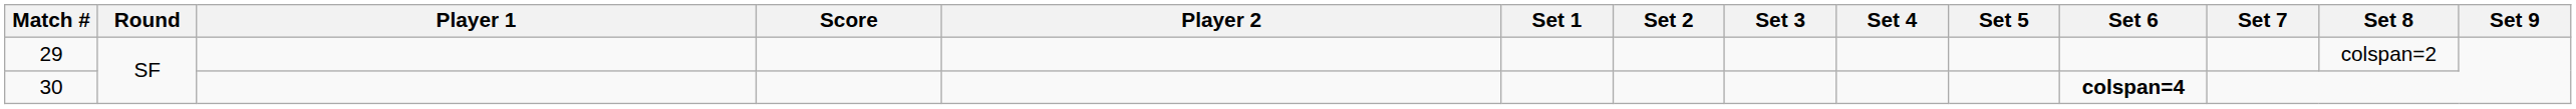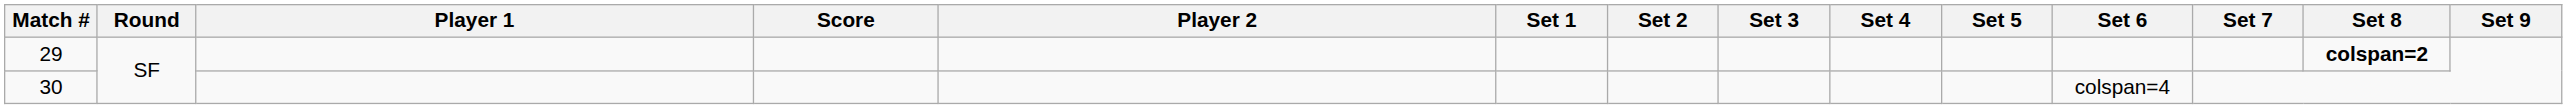 <table class="wikitable">
 <tr>
 <th width="2%">Match #</th>
 <th width="2%">Round</th>
 <th width="15%">Player 1</th>
 <th width="5%">Score</th>
 <th width="15%">Player 2</th>
 <th width="3%">Set 1</th>
 <th width="3%">Set 2</th>
 <th width="3%">Set 3</th>
 <th width="3%">Set 4</th>
 <th width="3%">Set 5</th>
 <th width="3%">Set 6</th>
 <th width="3%">Set 7</th>
 <th width="3%">Set 8</th>
 <th width="3%">Set 9</th>
 </tr>
 <tr style=text-align:center;>
 <td>29</td>
 <td rowspan=2>SF</td>
 <td></td>
 <td></td>
 <td></td>
 <td></td>
 <td></td>
 <td></td>
 <td></td>
 <td></td>
 <td></td>
 <td></td>
-<td>colspan=2</td>
+<td><strong>colspan=2</strong></td>
 </tr>
 <tr style=text-align:center;>
 <td>30</td>
 <td></td>
 <td></td>
 <td></td>
 <td></td>
 <td></td>
 <td></td>
 <td></td>
 <td></td>
-<td><strong>colspan=4</strong></td>
+<td>colspan=4</td>
 </tr>
 </table>
